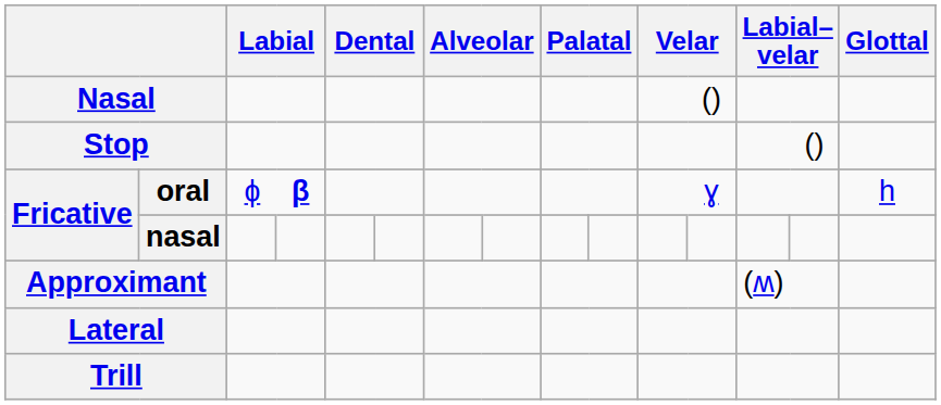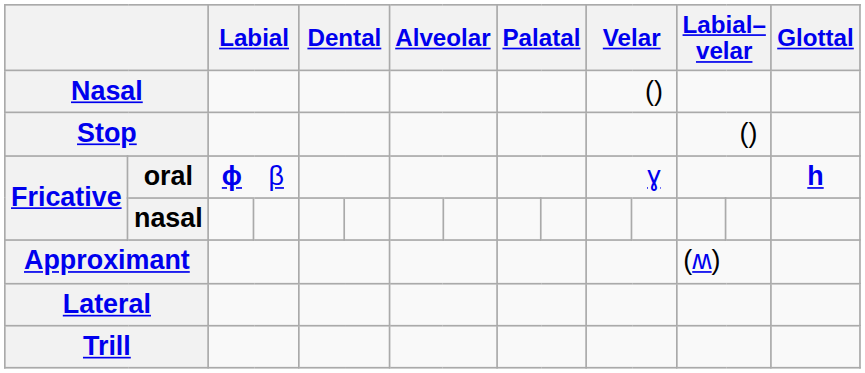 <table class="wikitable" style=text-align:center>
 <tr style="font-size: 90%;">
 <th colspan="2"></th>
 <th colspan=2 width=20px><a href='#'>Labial</a></th>
 <th colspan=2 width=20px><a href='#'>Dental</a></th>
 <th colspan=2 width=20px><a href='#'>Alveolar</a></th>
 <th colspan=2 width=20px><a href='#'>Palatal</a></th>
 <th colspan=2 width=20px><a href='#'>Velar</a></th>
 <th colspan=2 width=20px><a href='#'>Labial–<br>velar</a></th>
 <th><a href='#'>Glottal</a></th>
 </tr>
 <tr>
 <th colspan="2"><a href='#'>Nasal</a></th>
 <td width=20px style="border-right: 0;"></td>
 <td width=20px style="border-left: 0;"></td>
 <td width=20px style="border-right: 0;"></td>
 <td width=20px style="border-left: 0;"></td>
 <td colspan=2></td>
 <td colspan=2></td>
 <td width=20px style="border-right: 0;"></td>
 <td width=20px style="border-left: 0;">()</td>
 <td colspan=2></td>
 <td></td>
 </tr>
 <tr>
 <th colspan="2"><a href='#'>Stop</a></th>
 <td style="border-right: 0;"></td>
 <td style="border-left: 0;"></td>
 <td width=20px style="border-right: 0;"></td>
 <td width=20px style="border-left: 0;"></td>
 <td colspan=2></td>
 <td colspan=2></td>
 <td style="border-right: 0;"></td>
 <td style="border-left: 0;"></td>
 <td width=20px style="border-right: 0;"></td>
 <td width=20px style="border-left: 0;">()</td>
 <td></td>
 </tr>
 <tr>
 <th rowspan="2"><a href='#'>Fricative</a></th>
 <th>oral</th>
-<td style="border-right: 0;"><a href='#'>ɸ</a></td>
-<td style="border-left: 0;"><strong><a href='#'>β</a></strong></td>
+<td style="border-right: 0;"><strong><a href='#'>ɸ</a></strong></td>
+<td style="border-left: 0;"><a href='#'>β</a></td>
 <td style="border-right: 0;"></td>
 <td style="border-left: 0;"></td>
 <td style="border-right: 0;"></td>
 <td style="border-left: 0;"></td>
 <td colspan=2></td>
 <td style="border-right: 0;"></td>
 <td style="border-left: 0;"><a href='#'>ɣ</a></td>
 <td colspan=2></td>
-<td><a href='#'>h</a></td>
+<td><strong><a href='#'>h</a></strong></td>
 </tr>
 <tr>
 <th>nasal</th>
 <td></td>
 <td></td>
 <td></td>
 <td></td>
 <td></td>
 <td></td>
 <td></td>
 <td></td>
 <td></td>
 <td></td>
 <td></td>
 <td></td>
 <td></td>
 </tr>
 <tr>
 <th colspan="2"><a href='#'>Approximant</a></th>
 <td colspan="2"></td>
 <td colspan="2"></td>
 <td colspan="2"></td>
 <td width="20px" style="border-right: 0;"></td>
 <td width="20px" style="border-left: 0;"></td>
 <td colspan="2"></td>
 <td style="border-right: 0;">(<a href='#'>ʍ</a>)</td>
 <td style="border-left: 0;"></td>
 <td></td>
 </tr>
 <tr>
 <th colspan="2"><a href='#'>Lateral</a></th>
 <td colspan="2"></td>
 <td colspan="2"></td>
 <td style="border-right: 0;"></td>
 <td style="border-left: 0;"></td>
 <td colspan="2"></td>
 <td colspan="2"></td>
 <td colspan="2"></td>
 <td></td>
 </tr>
 <tr>
 <th colspan="2"><a href='#'>Trill</a></th>
 <td colspan="2"></td>
 <td colspan="2"></td>
 <td style="border-right: 0;"></td>
 <td style="border-left: 0;"></td>
 <td colspan="2"></td>
 <td colspan="2"></td>
 <td colspan="2"></td>
 <td></td>
 </tr>
 </table>
